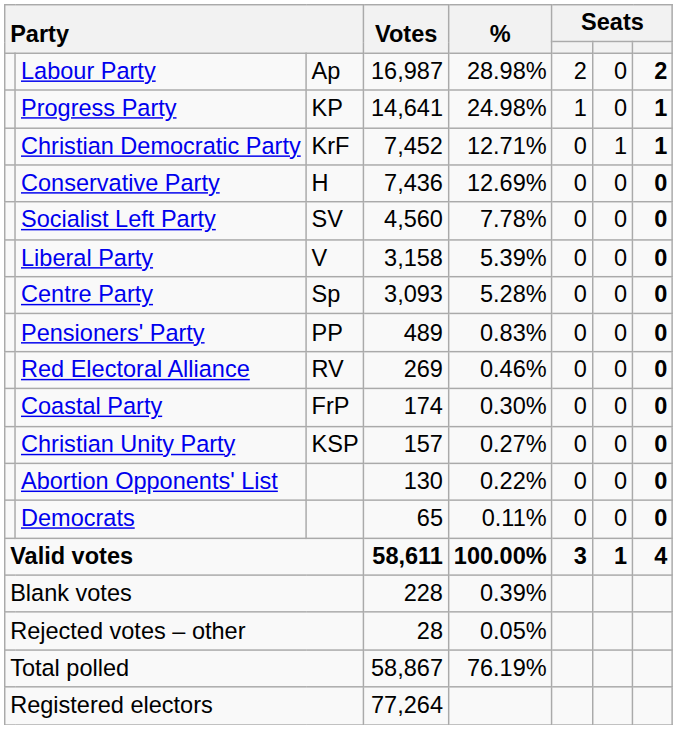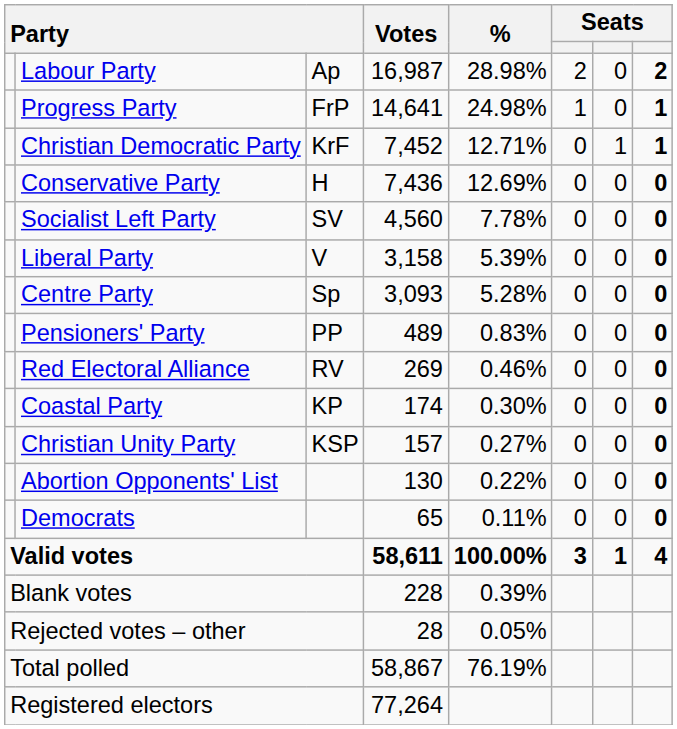 <table class="wikitable" border="1" style="text-align:right;">
 <tr>
 <th style="text-align:left;" valign=bottom rowspan=2 colspan=3>Party</th>
 <th align=center valign=bottom rowspan=2 width="50">Votes</th>
 <th align=center valign=bottom rowspan=2 width="50">%</th>
 <th colspan=3>Seats</th>
 </tr>
 <tr>
 <th align=center valign=bottom width="20"><small></small></th>
 <th align=center valign=bottom width="20"><small><a href='#'></a></small></th>
 <th align=center valign=bottom width="20"><small></small></th>
 </tr>
 <tr>
 <td style="color:inherit;background:"></td>
 <td align=left><a href='#'>Labour Party</a></td>
 <td align=left>Ap</td>
 <td>16,987</td>
 <td>28.98%</td>
 <td>2</td>
 <td>0</td>
 <td><strong>2</strong></td>
 </tr>
 <tr>
 <td style="color:inherit;background:"></td>
 <td align=left><a href='#'>Progress Party</a></td>
-<td align=left>KP</td>
+<td align=left>FrP</td>
 <td>14,641</td>
 <td>24.98%</td>
 <td>1</td>
 <td>0</td>
 <td><strong>1</strong></td>
 </tr>
 <tr>
 <td style="color:inherit;background:"></td>
 <td align=left><a href='#'>Christian Democratic Party</a></td>
 <td align=left>KrF</td>
 <td>7,452</td>
 <td>12.71%</td>
 <td>0</td>
 <td>1</td>
 <td><strong>1</strong></td>
 </tr>
 <tr>
 <td style="color:inherit;background:"></td>
 <td align=left><a href='#'>Conservative Party</a></td>
 <td align=left>H</td>
 <td>7,436</td>
 <td>12.69%</td>
 <td>0</td>
 <td>0</td>
 <td><strong>0</strong></td>
 </tr>
 <tr>
 <td style="color:inherit;background:"></td>
 <td align=left><a href='#'>Socialist Left Party</a></td>
 <td align=left>SV</td>
 <td>4,560</td>
 <td>7.78%</td>
 <td>0</td>
 <td>0</td>
 <td><strong>0</strong></td>
 </tr>
 <tr>
 <td style="color:inherit;background:"></td>
 <td align=left><a href='#'>Liberal Party</a></td>
 <td align=left>V</td>
 <td>3,158</td>
 <td>5.39%</td>
 <td>0</td>
 <td>0</td>
 <td><strong>0</strong></td>
 </tr>
 <tr>
 <td style="color:inherit;background:"></td>
 <td align=left><a href='#'>Centre Party</a></td>
 <td align=left>Sp</td>
 <td>3,093</td>
 <td>5.28%</td>
 <td>0</td>
 <td>0</td>
 <td><strong>0</strong></td>
 </tr>
 <tr>
 <td style="color:inherit;background:"></td>
 <td align=left><a href='#'>Pensioners' Party</a></td>
 <td align=left>PP</td>
 <td>489</td>
 <td>0.83%</td>
 <td>0</td>
 <td>0</td>
 <td><strong>0</strong></td>
 </tr>
 <tr>
 <td style="color:inherit;background:"></td>
 <td align=left><a href='#'>Red Electoral Alliance</a></td>
 <td align=left>RV</td>
 <td>269</td>
 <td>0.46%</td>
 <td>0</td>
 <td>0</td>
 <td><strong>0</strong></td>
 </tr>
 <tr>
 <td style="color:inherit;background:"></td>
 <td align=left><a href='#'>Coastal Party</a></td>
-<td align=left>FrP</td>
+<td align=left>KP</td>
 <td>174</td>
 <td>0.30%</td>
 <td>0</td>
 <td>0</td>
 <td><strong>0</strong></td>
 </tr>
 <tr>
 <td style="color:inherit;background:"></td>
 <td align=left><a href='#'>Christian Unity Party</a></td>
 <td align=left>KSP</td>
 <td>157</td>
 <td>0.27%</td>
 <td>0</td>
 <td>0</td>
 <td><strong>0</strong></td>
 </tr>
 <tr>
 <td></td>
 <td align=left><a href='#'>Abortion Opponents' List</a></td>
 <td align=left></td>
 <td>130</td>
 <td>0.22%</td>
 <td>0</td>
 <td>0</td>
 <td><strong>0</strong></td>
 </tr>
 <tr>
 <td style="color:inherit;background:"></td>
 <td align=left><a href='#'>Democrats</a></td>
 <td align=left></td>
 <td>65</td>
 <td>0.11%</td>
 <td>0</td>
 <td>0</td>
 <td><strong>0</strong></td>
 </tr>
 <tr style="font-weight:bold">
 <td align=left colspan=3>Valid votes</td>
 <td>58,611</td>
 <td>100.00%</td>
 <td>3</td>
 <td>1</td>
 <td>4</td>
 </tr>
 <tr>
 <td align=left colspan=3>Blank votes</td>
 <td>228</td>
 <td>0.39%</td>
 <td></td>
 <td></td>
 <td></td>
 </tr>
 <tr>
 <td align=left colspan=3>Rejected votes – other</td>
 <td>28</td>
 <td>0.05%</td>
 <td></td>
 <td></td>
 <td></td>
 </tr>
 <tr>
 <td align=left colspan=3>Total polled</td>
 <td>58,867</td>
 <td>76.19%</td>
 <td></td>
 <td></td>
 <td></td>
 </tr>
 <tr>
 <td align=left colspan=3>Registered electors</td>
 <td>77,264</td>
 <td></td>
 <td></td>
 <td></td>
 <td></td>
 </tr>
 </table>
